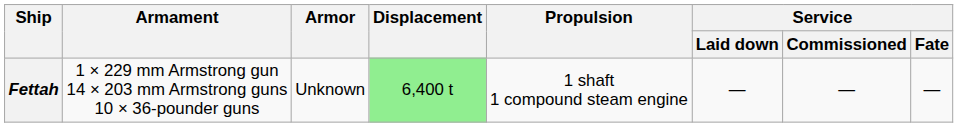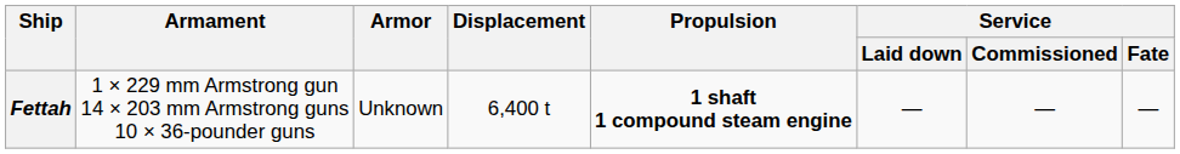 <table class="wikitable plainrowheaders" style="text-align: center;">
 <tr valign="top">
 <th scope="col" rowspan="2">Ship</th>
 <th scope="col" rowspan="2">Armament</th>
 <th scope="col" rowspan="2">Armor</th>
 <th scope="col" rowspan="2">Displacement</th>
 <th scope="col" rowspan="2">Propulsion</th>
 <th scope="col" colspan="3">Service</th>
 </tr>
 <tr valign="top">
 <th scope="col">Laid down</th>
 <th scope="col">Commissioned</th>
 <th scope="col">Fate</th>
 </tr>
 <tr valign="center">
 <th scope="row"><em>Fettah</em></th>
 <td>1 × 229 mm Armstrong gun<br>14 × 203 mm Armstrong guns<br>10 × 36-pounder guns</td>
 <td>Unknown</td>
-<td style="background: lightgreen;">6,400 t</td>
-<td>1 shaft<br>1 compound steam engine<br></td>
+<td>6,400 t</td>
+<td><strong>1 shaft<br>1 compound steam engine<br></strong></td>
 <td>—</td>
 <td>—</td>
 <td>—</td>
 </tr>
 </table>
